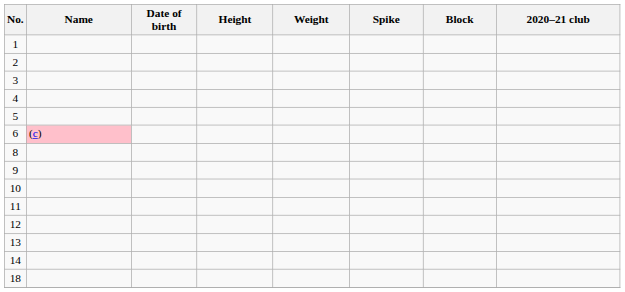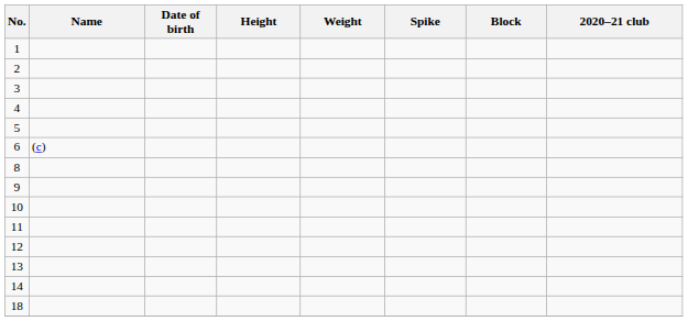 <table class="wikitable sortable" style="font-size:100%; text-align:center;">
 <tr>
 <th>No.</th>
 <th style="width:14em">Name</th>
 <th style="width:8em">Date of birth</th>
 <th style="width:9em">Height</th>
 <th style="width:9em">Weight</th>
 <th style="width:9em">Spike</th>
 <th style="width:9em">Block</th>
 <th style="width:17em">2020–21 club</th>
 </tr>
 <tr>
 <td>1</td>
 <td style="text-align:left;"></td>
 <td style="text-align:right;"></td>
 <td></td>
 <td></td>
 <td></td>
 <td></td>
 <td></td>
 </tr>
 <tr>
 <td>2</td>
 <td style="text-align:left;"></td>
 <td style="text-align:right;"></td>
 <td></td>
 <td></td>
 <td></td>
 <td></td>
 <td></td>
 </tr>
 <tr>
 <td>3</td>
 <td style="text-align:left;"></td>
 <td style="text-align:right;"></td>
 <td></td>
 <td></td>
 <td></td>
 <td></td>
 <td></td>
 </tr>
 <tr>
 <td>4</td>
 <td style="text-align:left;"></td>
 <td style="text-align:right;"></td>
 <td></td>
 <td></td>
 <td></td>
 <td></td>
 <td></td>
 </tr>
 <tr>
 <td>5</td>
 <td style="text-align:left;"></td>
 <td style="text-align:right;"></td>
 <td></td>
 <td></td>
 <td></td>
 <td></td>
 <td></td>
 </tr>
 <tr>
 <td>6</td>
-<td style="background: pink; text-align:left;"> (<a href='#'>c</a>)</td>
+<td style="text-align:left;"> (<a href='#'>c</a>)</td>
 <td style="text-align:right;"></td>
 <td></td>
 <td></td>
 <td></td>
 <td></td>
 <td></td>
 </tr>
 <tr>
 <td>8</td>
 <td style="text-align:left;"></td>
 <td style="text-align:right;"></td>
 <td></td>
 <td></td>
 <td></td>
 <td></td>
 <td></td>
 </tr>
 <tr>
 <td>9</td>
 <td style="text-align:left;"></td>
 <td style="text-align:right;"></td>
 <td></td>
 <td></td>
 <td></td>
 <td></td>
 <td></td>
 </tr>
 <tr>
 <td>10</td>
 <td style="text-align:left;"></td>
 <td style="text-align:right;"></td>
 <td></td>
 <td></td>
 <td></td>
 <td></td>
 <td></td>
 </tr>
 <tr>
 <td>11</td>
 <td style="text-align:left;"></td>
 <td style="text-align:right;"></td>
 <td></td>
 <td></td>
 <td></td>
 <td></td>
 <td></td>
 </tr>
 <tr>
 <td>12</td>
 <td style="text-align:left;"></td>
 <td style="text-align:right;"></td>
 <td></td>
 <td></td>
 <td></td>
 <td></td>
 <td></td>
 </tr>
 <tr>
 <td>13</td>
 <td style="text-align:left;"></td>
 <td style="text-align:right;"></td>
 <td></td>
 <td></td>
 <td></td>
 <td></td>
 <td></td>
 </tr>
 <tr>
 <td>14</td>
 <td style="text-align:left;"></td>
 <td style="text-align:right;"></td>
 <td></td>
 <td></td>
 <td></td>
 <td></td>
 <td></td>
 </tr>
 <tr>
 <td>18</td>
 <td style="text-align:left;"></td>
 <td style="text-align:right;"></td>
 <td></td>
 <td></td>
 <td></td>
 <td></td>
 <td></td>
 </tr>
 <tr>
 </tr>
 </table>
